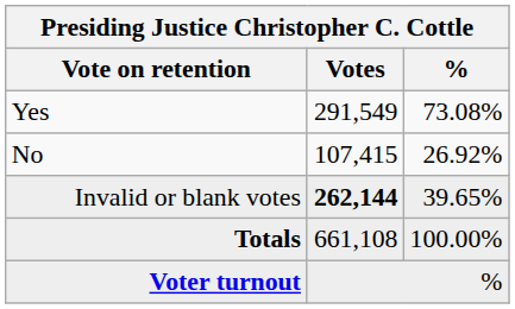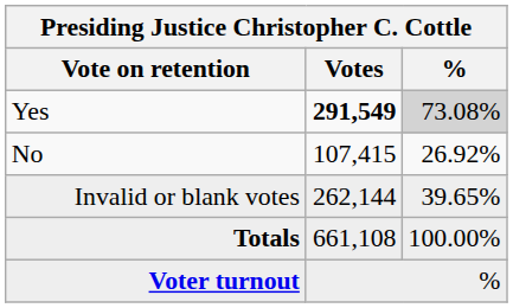 <table class="wikitable" style="font-size: 95%;">
 <tr style="background-color:#E9E9E9">
 <th colspan=7>Presiding Justice Christopher C. Cottle</th>
 </tr>
 <tr style="background-color:#E9E9E9">
 <th style="width: 170px">Vote on retention</th>
 <th style="width: 50px">Votes</th>
 <th style="width: 40px">%</th>
 </tr>
 <tr>
 <td>Yes</td>
-<td align="right">291,549</td>
-<td align="right">73.08%</td>
+<td align="right"><strong>291,549</strong></td>
+<td align="right" style="background: lightgrey;">73.08%</td>
 </tr>
 <tr>
 <td>No</td>
 <td align="right">107,415</td>
 <td align="right">26.92%</td>
 </tr>
 <tr style="background-color:#EEEEEE">
 <td align="right">Invalid or blank votes</td>
-<td align="right"><strong>262,144</strong></td>
+<td align="right">262,144</td>
 <td align="right">39.65%</td>
 </tr>
 <tr style="background-color:#EEEEEE">
 <td colspan="1" align="right"><strong>Totals</strong></td>
 <td align="right">661,108</td>
 <td align="right">100.00%</td>
 </tr>
 <tr style="background-color:#EEEEEE">
 <td align="right"><strong><a href='#'>Voter turnout</a></strong></td>
 <td colspan="2" align="right">%</td>
 </tr>
 </table>
